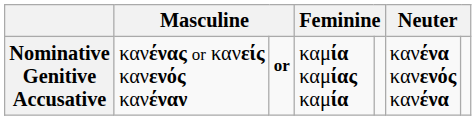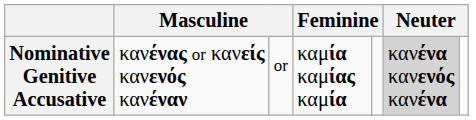 <table class="wikitable">
 <tr>
 <th colspan="1" rowspan="1"> </th>
 <th colspan="2" rowspan="1">Masculine</th>
 <th colspan="2">Feminine</th>
 <th colspan="2" rowspan="1">Neuter</th>
 </tr>
 <tr>
 <th>Nominative<br>Genitive<br>Accusative</th>
 <td>καν<strong>ένας</strong> <small>or</small> καν<strong>είς</strong><br>καν<strong>ενός</strong><br>καν<strong>έναν</strong></td>
-<td><strong> <small>or</small> <br><br></strong></td>
+<td> <small>or</small> <br><br></td>
 <td>καμ<strong>ία</strong><br>καμ<strong>ίας</strong><br>καμ<strong>ία</strong></td>
 <td><br><br></td>
-<td>καν<strong>ένα</strong><br>καν<strong>ενός</strong><br>καν<strong>ένα</strong></td>
+<td style="background: lightgrey;">καν<strong>ένα</strong><br>καν<strong>ενός</strong><br>καν<strong>ένα</strong></td>
 <td><br><br></td>
 </tr>
 </table>
